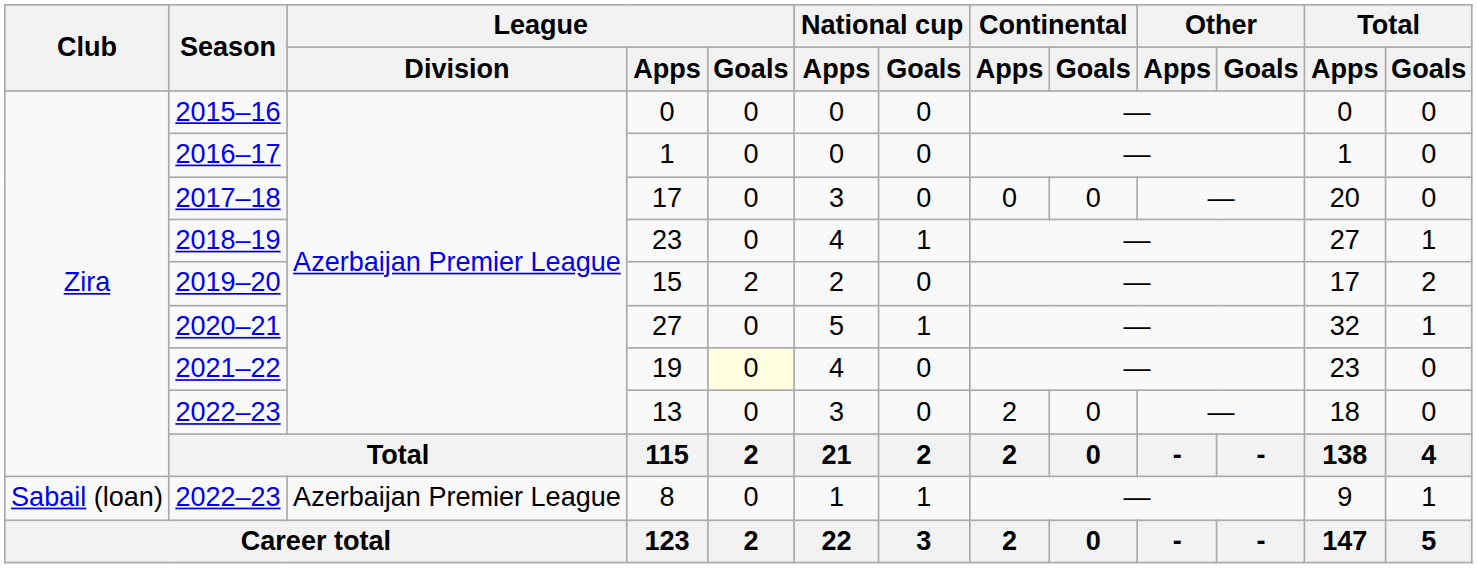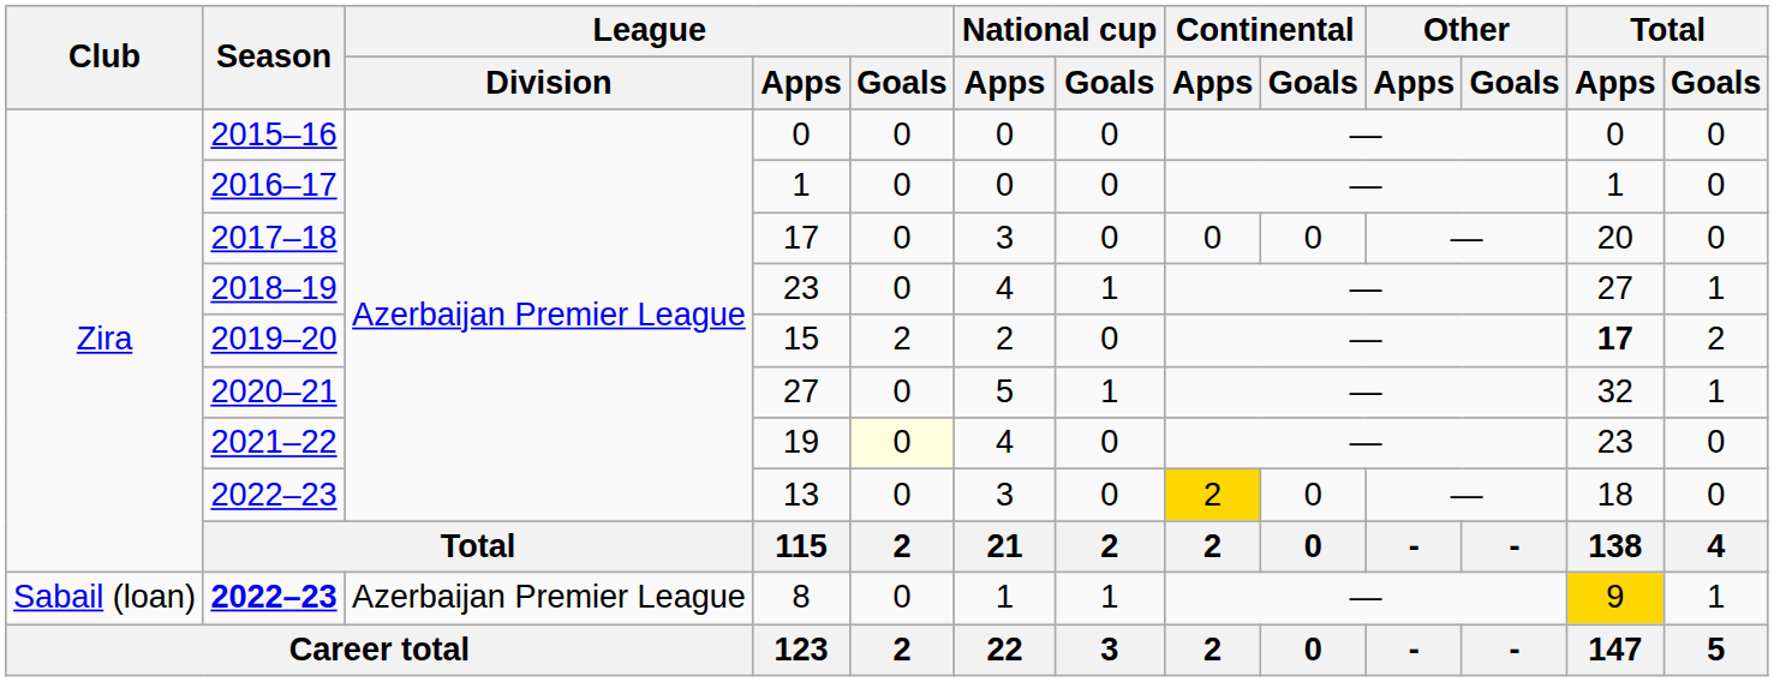 <table class="wikitable" style="text-align:center">
 <tr>
 <th rowspan="2">Club</th>
 <th rowspan="2">Season</th>
 <th colspan="3">League</th>
 <th colspan="2">National cup</th>
 <th colspan="2">Continental</th>
 <th colspan="2">Other</th>
 <th colspan="2">Total</th>
 </tr>
 <tr>
 <th>Division</th>
 <th>Apps</th>
 <th>Goals</th>
 <th>Apps</th>
 <th>Goals</th>
 <th>Apps</th>
 <th>Goals</th>
 <th>Apps</th>
 <th>Goals</th>
 <th>Apps</th>
 <th>Goals</th>
 </tr>
 <tr>
 <td rowspan="9"><a href='#'>Zira</a></td>
 <td><a href='#'>2015–16</a></td>
 <td rowspan="8"><a href='#'>Azerbaijan Premier League</a></td>
 <td>0</td>
 <td>0</td>
 <td>0</td>
 <td>0</td>
 <td colspan="4">—</td>
 <td>0</td>
 <td>0</td>
 </tr>
 <tr>
 <td><a href='#'>2016–17</a></td>
 <td>1</td>
 <td>0</td>
 <td>0</td>
 <td>0</td>
 <td colspan="4">—</td>
 <td>1</td>
 <td>0</td>
 </tr>
 <tr>
 <td><a href='#'>2017–18</a></td>
 <td>17</td>
 <td>0</td>
 <td>3</td>
 <td>0</td>
 <td>0</td>
 <td>0</td>
 <td colspan="2">—</td>
 <td>20</td>
 <td>0</td>
 </tr>
 <tr>
 <td><a href='#'>2018–19</a></td>
 <td>23</td>
 <td>0</td>
 <td>4</td>
 <td>1</td>
 <td colspan="4">—</td>
 <td>27</td>
 <td>1</td>
 </tr>
 <tr>
 <td><a href='#'>2019–20</a></td>
 <td>15</td>
 <td>2</td>
 <td>2</td>
 <td>0</td>
 <td colspan="4">—</td>
-<td>17</td>
+<td><strong>17</strong></td>
 <td>2</td>
 </tr>
 <tr>
 <td><a href='#'>2020–21</a></td>
 <td>27</td>
 <td>0</td>
 <td>5</td>
 <td>1</td>
 <td colspan="4">—</td>
 <td>32</td>
 <td>1</td>
 </tr>
 <tr>
 <td><a href='#'>2021–22</a></td>
 <td>19</td>
 <td style="background: lightyellow;">0</td>
 <td>4</td>
 <td>0</td>
 <td colspan="4">—</td>
 <td>23</td>
 <td>0</td>
 </tr>
 <tr>
 <td><a href='#'>2022–23</a></td>
 <td>13</td>
 <td>0</td>
 <td>3</td>
 <td>0</td>
-<td>2</td>
+<td style="background: gold;">2</td>
 <td>0</td>
 <td colspan="2">—</td>
 <td>18</td>
 <td>0</td>
 </tr>
 <tr>
 <th colspan="2">Total</th>
 <th>115</th>
 <th>2</th>
 <th>21</th>
 <th>2</th>
 <th>2</th>
 <th>0</th>
 <th>-</th>
 <th>-</th>
 <th>138</th>
 <th>4</th>
 </tr>
 <tr>
 <td><a href='#'>Sabail</a> (loan)</td>
-<td><a href='#'>2022–23</a></td>
+<td><strong><a href='#'>2022–23</a></strong></td>
 <td>Azerbaijan Premier League</td>
 <td>8</td>
 <td>0</td>
 <td>1</td>
 <td>1</td>
 <td colspan="4">—</td>
-<td>9</td>
+<td style="background: gold;">9</td>
 <td>1</td>
 </tr>
 <tr>
 <th colspan="3">Career total</th>
 <th>123</th>
 <th>2</th>
 <th>22</th>
 <th>3</th>
 <th>2</th>
 <th>0</th>
 <th>-</th>
 <th>-</th>
 <th>147</th>
 <th>5</th>
 </tr>
 </table>
